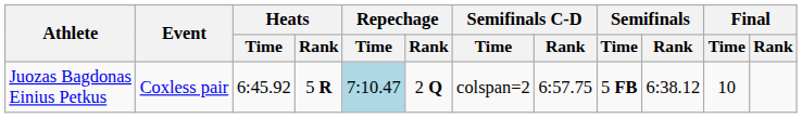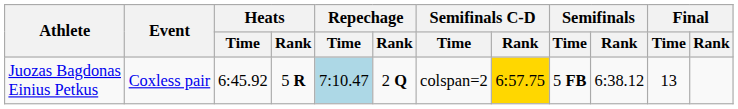 <table class="wikitable" style="font-size:90%">
 <tr>
 <th rowspan="2">Athlete</th>
 <th rowspan="2">Event</th>
 <th colspan="2">Heats</th>
 <th colspan="2">Repechage</th>
 <th colspan="2">Semifinals C-D</th>
 <th colspan="2">Semifinals</th>
 <th colspan="2">Final</th>
 </tr>
 <tr style="font-size:95%">
 <th>Time</th>
 <th>Rank</th>
 <th>Time</th>
 <th>Rank</th>
 <th>Time</th>
 <th>Rank</th>
 <th>Time</th>
 <th>Rank</th>
 <th>Time</th>
 <th>Rank</th>
 </tr>
 <tr align=center>
 <td align=left><a href='#'>Juozas Bagdonas</a><br><a href='#'>Einius Petkus</a></td>
 <td align=left><a href='#'>Coxless pair</a></td>
 <td>6:45.92</td>
 <td>5 <strong>R</strong></td>
 <td style="background: lightblue;">7:10.47</td>
 <td>2 <strong>Q</strong></td>
 <td>colspan=2 </td>
-<td>6:57.75</td>
+<td style="background: gold;">6:57.75</td>
 <td>5 <strong>FB</strong></td>
 <td>6:38.12</td>
-<td>10</td>
+<td>13</td>
 </tr>
 </table>
